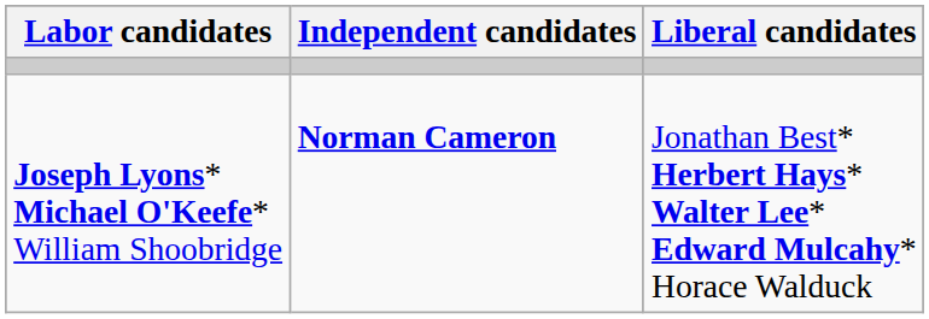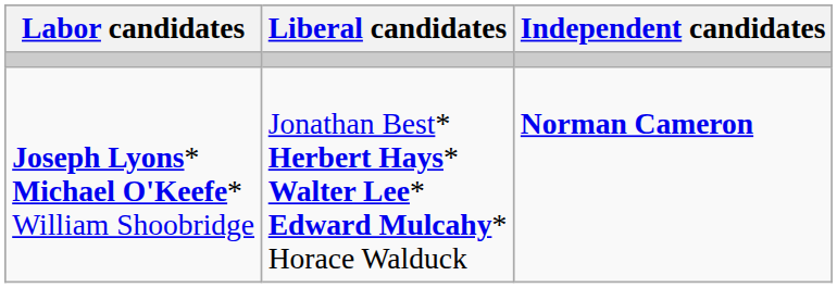 <table class="wikitable">
 <tr>
 <th><a href='#'>Labor</a> candidates</th>
+<th><a href='#'>Liberal</a> candidates</th>
 <th><a href='#'>Independent</a> candidates</th>
-<th><a href='#'>Liberal</a> candidates</th>
 </tr>
 <tr bgcolor="#cccccc">
 <td></td>
 <td></td>
 <td></td>
 </tr>
 <tr>
 <td><br><strong><a href='#'>Joseph Lyons</a></strong>*<br> <strong><a href='#'>Michael O'Keefe</a></strong>*<br> <a href='#'>William Shoobridge</a></td>
+<td><br><a href='#'>Jonathan Best</a>*<br> <strong><a href='#'>Herbert Hays</a></strong>*<br> <strong><a href='#'>Walter Lee</a></strong>*<br> <strong><a href='#'>Edward Mulcahy</a></strong>*<br> Horace Walduck</td>
 <td valign=top><br><strong><a href='#'>Norman Cameron</a></strong></td>
-<td><br><a href='#'>Jonathan Best</a>*<br> <strong><a href='#'>Herbert Hays</a></strong>*<br> <strong><a href='#'>Walter Lee</a></strong>*<br> <strong><a href='#'>Edward Mulcahy</a></strong>*<br> Horace Walduck</td>
 </tr>
 </table>
